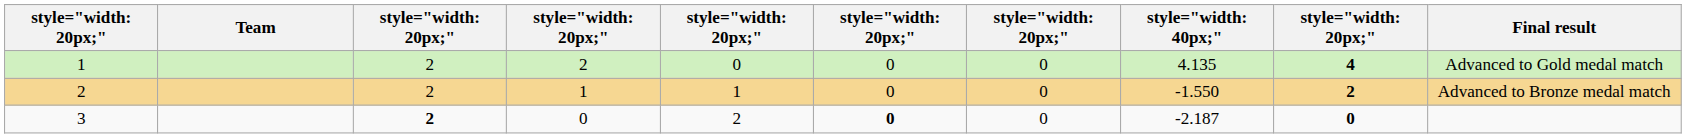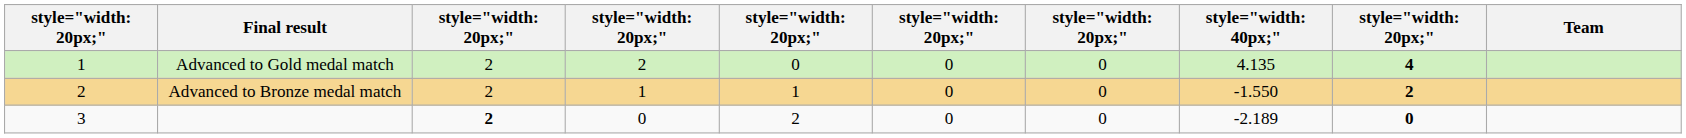 <table class="wikitable" border="1" style="text-align: center;">
 <tr>
 <th>style="width: 20px;"</th>
-<th style="width: 175px;">Team</th>
+<th style="width: 230px;">Final result</th>
 <th>style="width: 20px;"</th>
 <th>style="width: 20px;"</th>
 <th>style="width: 20px;"</th>
 <th>style="width: 20px;"</th>
 <th>style="width: 20px;"</th>
 <th>style="width: 40px;"</th>
 <th>style="width: 20px;"</th>
-<th style="width: 230px;">Final result</th>
+<th style="width: 175px;">Team</th>
 </tr>
 <tr style="background:#D0F0C0;">
 <td>1</td>
-<td style="text-align:left"></td>
+<td>Advanced to Gold medal match</td>
 <td>2</td>
 <td>2</td>
 <td>0</td>
 <td>0</td>
 <td>0</td>
 <td>4.135</td>
 <td><strong>4</strong></td>
-<td>Advanced to Gold medal match</td>
+<td style="text-align:left"></td>
 </tr>
 <tr style="background:#F6D792;">
 <td>2</td>
-<td align=left></td>
+<td>Advanced to Bronze medal match</td>
 <td>2</td>
 <td>1</td>
 <td>1</td>
 <td>0</td>
 <td>0</td>
 <td>-1.550</td>
 <td><strong>2</strong></td>
-<td>Advanced to Bronze medal match</td>
+<td align=left></td>
 </tr>
 <tr>
 <td>3</td>
-<td style="text-align:left"></td>
+<td></td>
 <td><strong>2</strong></td>
 <td>0</td>
 <td>2</td>
+<td>0</td>
+<td>0</td>
+<td>-2.189</td>
 <td><strong>0</strong></td>
-<td>0</td>
-<td>-2.187</td>
-<td><strong>0</strong></td>
-<td></td>
+<td style="text-align:left"></td>
 </tr>
 </table>
